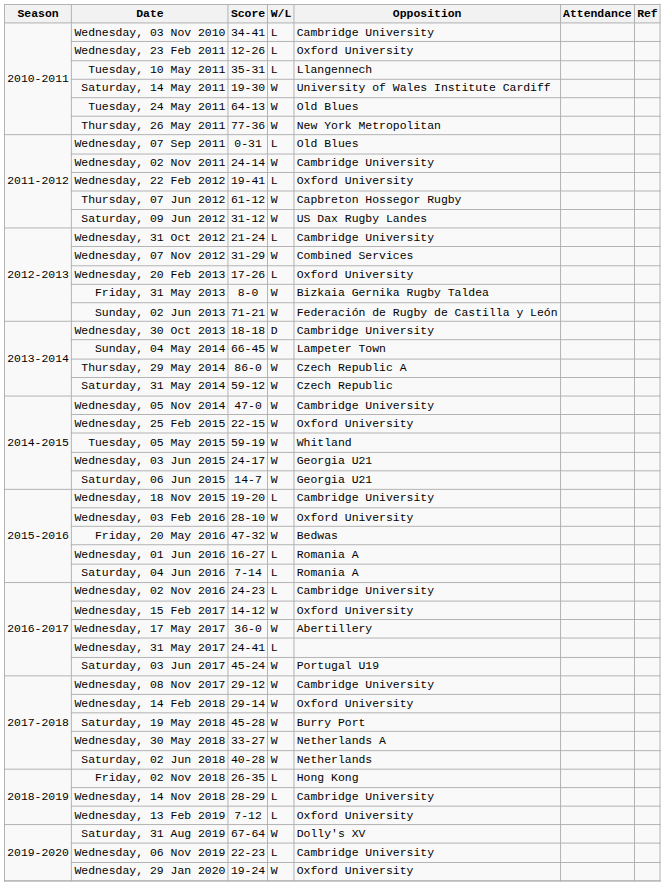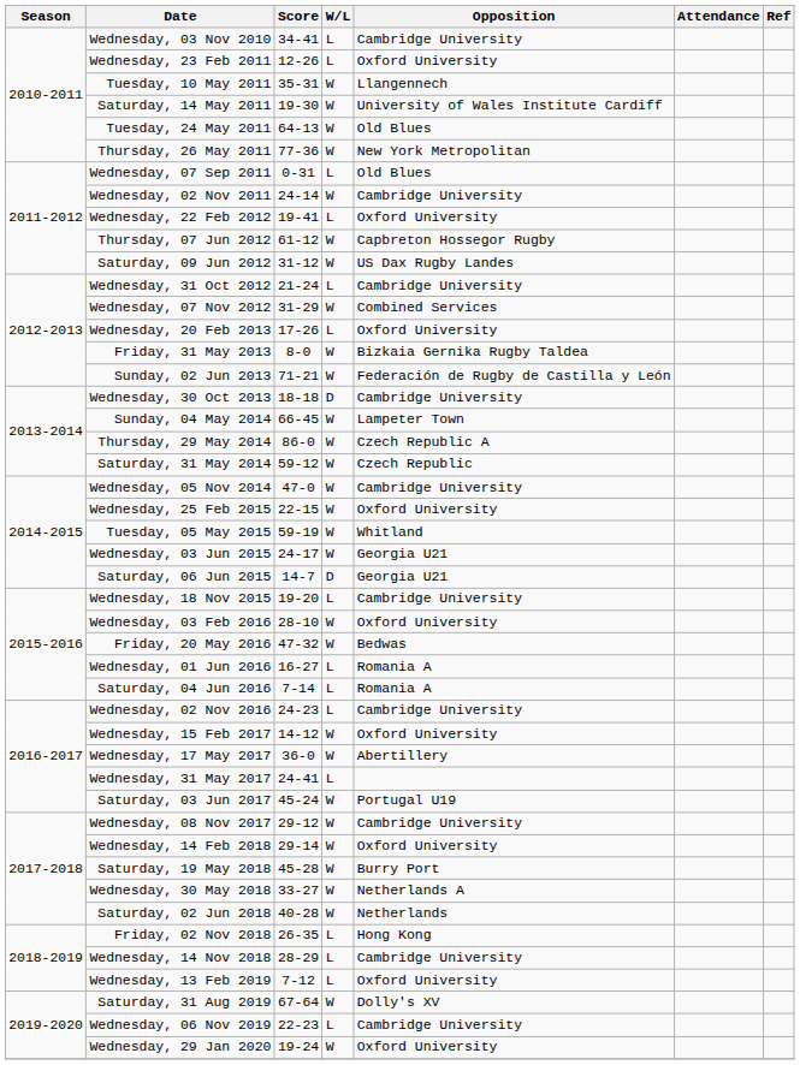 <table class="wikitable">
 <tr>
 <th>Season</th>
 <th>Date</th>
 <th>Score</th>
 <th>W/L</th>
 <th>Opposition</th>
 <th>Attendance</th>
 <th>Ref</th>
 </tr>
 <tr>
 <td rowspan=6>2010-2011</td>
 <td style="text-align:right;">Wednesday, 03 Nov 2010</td>
 <td style="text-align:center;">34-41</td>
 <td style="text-align:left;">L</td>
 <td>Cambridge University</td>
 <td></td>
 </tr>
 <tr>
 <td style="text-align:right;">Wednesday, 23 Feb 2011</td>
 <td style="text-align:center;">12-26</td>
 <td style="text-align:left;">L</td>
 <td>Oxford University</td>
 <td></td>
 <td></td>
 </tr>
 <tr>
 <td style="text-align:right;">Tuesday, 10 May 2011</td>
 <td style="text-align:center;">35-31</td>
-<td style="text-align:left;">L</td>
+<td style="text-align:left;">W</td>
 <td>Llangennech</td>
 <td></td>
 <td></td>
 </tr>
 <tr>
 <td style="text-align:right;">Saturday, 14 May 2011</td>
 <td style="text-align:center;">19-30</td>
 <td style="text-align:left;">W</td>
 <td>University of Wales Institute Cardiff</td>
 <td></td>
 <td></td>
 </tr>
 <tr>
 <td style="text-align:right;">Tuesday, 24 May 2011</td>
 <td style="text-align:center;">64-13</td>
 <td style="text-align:left;">W</td>
 <td>Old Blues</td>
 <td></td>
 <td></td>
 </tr>
 <tr>
 <td style="text-align:right;">Thursday, 26 May 2011</td>
 <td style="text-align:center;">77-36</td>
 <td style="text-align:left;">W</td>
 <td>New York Metropolitan</td>
 <td></td>
 <td></td>
 </tr>
 <tr>
 <td rowspan=5>2011-2012</td>
 <td style="text-align:right;">Wednesday, 07 Sep 2011</td>
 <td style="text-align:center;">0-31</td>
 <td style="text-align:left;">L</td>
 <td>Old Blues</td>
 <td></td>
 </tr>
 <tr>
 <td style="text-align:right;">Wednesday, 02 Nov 2011</td>
 <td style="text-align:center;">24-14</td>
 <td style="text-align:left;">W</td>
 <td>Cambridge University</td>
 <td></td>
 <td></td>
 </tr>
 <tr>
 <td style="text-align:right;">Wednesday, 22 Feb 2012</td>
 <td style="text-align:center;">19-41</td>
 <td style="text-align:left;">L</td>
 <td>Oxford University</td>
 <td></td>
 <td></td>
 </tr>
 <tr>
 <td style="text-align:right;">Thursday, 07 Jun 2012</td>
 <td style="text-align:center;">61-12</td>
 <td style="text-align:left;">W</td>
 <td>Capbreton Hossegor Rugby</td>
 <td></td>
 <td></td>
 </tr>
 <tr>
 <td style="text-align:right;">Saturday, 09 Jun 2012</td>
 <td style="text-align:center;">31-12</td>
 <td style="text-align:left;">W</td>
 <td>US Dax Rugby Landes</td>
 <td></td>
 <td></td>
 </tr>
 <tr>
 <td rowspan=5>2012-2013</td>
 <td style="text-align:right;">Wednesday, 31 Oct 2012</td>
 <td style="text-align:center;">21-24</td>
 <td style="text-align:left;">L</td>
 <td>Cambridge University</td>
 <td></td>
 </tr>
 <tr>
 <td style="text-align:right;">Wednesday, 07 Nov 2012</td>
 <td style="text-align:center;">31-29</td>
 <td style="text-align:left;">W</td>
 <td>Combined Services</td>
 <td></td>
 <td></td>
 </tr>
 <tr>
 <td style="text-align:right;">Wednesday, 20 Feb 2013</td>
 <td style="text-align:center;">17-26</td>
 <td style="text-align:left;">L</td>
 <td>Oxford University</td>
 <td></td>
 <td></td>
 </tr>
 <tr>
 <td style="text-align:right;">Friday, 31 May 2013</td>
 <td style="text-align:center;">8-0</td>
 <td style="text-align:left;">W</td>
 <td>Bizkaia Gernika Rugby Taldea</td>
 <td></td>
 <td></td>
 </tr>
 <tr>
 <td style="text-align:right;">Sunday, 02 Jun 2013</td>
 <td style="text-align:center;">71-21</td>
 <td style="text-align:left;">W</td>
 <td>Federación de Rugby de Castilla y León</td>
 <td></td>
 <td></td>
 </tr>
 <tr>
 <td rowspan=4>2013-2014</td>
 <td style="text-align:right;">Wednesday, 30 Oct 2013</td>
 <td style="text-align:center;">18-18</td>
 <td style="text-align:left;">D</td>
 <td>Cambridge University</td>
 <td></td>
 <td></td>
 </tr>
 <tr>
 <td style="text-align:right;">Sunday, 04 May 2014</td>
 <td style="text-align:center;">66-45</td>
 <td style="text-align:left;">W</td>
 <td>Lampeter Town</td>
 <td></td>
 <td></td>
 </tr>
 <tr>
 <td style="text-align:right;">Thursday, 29 May 2014</td>
 <td style="text-align:center;">86-0</td>
 <td style="text-align:left;">W</td>
 <td>Czech Republic A</td>
 <td></td>
 </tr>
 <tr>
 <td style="text-align:right;">Saturday, 31 May 2014</td>
 <td style="text-align:center;">59-12</td>
 <td style="text-align:left;">W</td>
 <td>Czech Republic</td>
 <td></td>
 <td></td>
 </tr>
 <tr>
 <td rowspan=5>2014-2015</td>
 <td style="text-align:right;">Wednesday, 05 Nov 2014</td>
 <td style="text-align:center;">47-0</td>
 <td style="text-align:left;">W</td>
 <td>Cambridge University</td>
 <td></td>
 </tr>
 <tr>
 <td style="text-align:right;">Wednesday, 25 Feb 2015</td>
 <td style="text-align:center;">22-15</td>
 <td style="text-align:left;">W</td>
 <td>Oxford University</td>
 <td></td>
 <td></td>
 </tr>
 <tr>
 <td style="text-align:right;">Tuesday, 05 May 2015</td>
 <td style="text-align:center;">59-19</td>
 <td style="text-align:left;">W</td>
 <td>Whitland</td>
 <td></td>
 <td></td>
 </tr>
 <tr>
 <td style="text-align:right;">Wednesday, 03 Jun 2015</td>
 <td style="text-align:center;">24-17</td>
 <td style="text-align:left;">W</td>
 <td>Georgia U21</td>
 <td></td>
 <td></td>
 </tr>
 <tr>
 <td style="text-align:right;">Saturday, 06 Jun 2015</td>
 <td style="text-align:center;">14-7</td>
-<td style="text-align:left;">W</td>
+<td style="text-align:left;">D</td>
 <td>Georgia U21</td>
 <td></td>
 <td></td>
 </tr>
 <tr>
 <td rowspan=5>2015-2016</td>
 <td style="text-align:right;">Wednesday, 18 Nov 2015</td>
 <td style="text-align:center;">19-20</td>
 <td style="text-align:left;">L</td>
 <td>Cambridge University</td>
 <td></td>
 </tr>
 <tr>
 <td style="text-align:right;">Wednesday, 03 Feb 2016</td>
 <td style="text-align:center;">28-10</td>
 <td style="text-align:left;">W</td>
 <td>Oxford University</td>
 <td></td>
 <td></td>
 </tr>
 <tr>
 <td style="text-align:right;">Friday, 20 May 2016</td>
 <td style="text-align:center;">47-32</td>
 <td style="text-align:left;">W</td>
 <td>Bedwas</td>
 <td></td>
 <td></td>
 </tr>
 <tr>
 <td style="text-align:right;">Wednesday, 01 Jun 2016</td>
 <td style="text-align:center;">16-27</td>
 <td style="text-align:left;">L</td>
 <td>Romania A</td>
 <td></td>
 <td></td>
 </tr>
 <tr>
 <td style="text-align:right;">Saturday, 04 Jun 2016</td>
 <td style="text-align:center;">7-14</td>
 <td style="text-align:left;">L</td>
 <td>Romania A</td>
 <td></td>
 <td></td>
 </tr>
 <tr>
 <td rowspan=5>2016-2017</td>
 <td style="text-align:right;">Wednesday, 02 Nov 2016</td>
 <td style="text-align:center;">24-23</td>
 <td style="text-align:left;">L</td>
 <td>Cambridge University</td>
 <td></td>
 </tr>
 <tr>
 <td style="text-align:right;">Wednesday, 15 Feb 2017</td>
 <td style="text-align:center;">14-12</td>
 <td style="text-align:left;">W</td>
 <td>Oxford University</td>
 <td></td>
 <td></td>
 </tr>
 <tr>
 <td style="text-align:right;">Wednesday, 17 May 2017</td>
 <td style="text-align:center;">36-0</td>
 <td style="text-align:left;">W</td>
 <td>Abertillery</td>
 <td></td>
 <td></td>
 </tr>
 <tr>
 <td style="text-align:right;">Wednesday, 31 May 2017</td>
 <td style="text-align:center;">24-41</td>
 <td style="text-align:left;">L</td>
 <td></td>
 <td></td>
 <td></td>
 </tr>
 <tr>
 <td style="text-align:right;">Saturday, 03 Jun 2017</td>
 <td style="text-align:center;">45-24</td>
 <td style="text-align:left;">W</td>
 <td>Portugal U19</td>
 <td></td>
 <td></td>
 </tr>
 <tr>
 <td rowspan=5>2017-2018</td>
 <td style="text-align:right;">Wednesday, 08 Nov 2017</td>
 <td style="text-align:center;">29-12</td>
 <td style="text-align:left;">W</td>
 <td>Cambridge University</td>
 <td></td>
 </tr>
 <tr>
 <td style="text-align:right;">Wednesday, 14 Feb 2018</td>
 <td style="text-align:center;">29-14</td>
 <td style="text-align:left;">W</td>
 <td>Oxford University</td>
 <td></td>
 <td></td>
 </tr>
 <tr>
 <td style="text-align:right;">Saturday, 19 May 2018</td>
 <td style="text-align:center;">45-28</td>
 <td style="text-align:left;">W</td>
 <td>Burry Port</td>
 <td></td>
 <td></td>
 </tr>
 <tr>
 <td style="text-align:right;">Wednesday, 30 May 2018</td>
 <td style="text-align:center;">33-27</td>
 <td style="text-align:left;">W</td>
 <td>Netherlands A</td>
 <td></td>
 <td></td>
 </tr>
 <tr>
 <td style="text-align:right;">Saturday, 02 Jun 2018</td>
 <td style="text-align:center;">40-28</td>
 <td style="text-align:left;">W</td>
 <td>Netherlands</td>
 <td></td>
 <td></td>
 </tr>
 <tr>
 <td rowspan=3>2018-2019</td>
 <td style="text-align:right;">Friday, 02 Nov 2018</td>
 <td style="text-align:center;">26-35</td>
 <td style="text-align:left;">L</td>
 <td>Hong Kong</td>
 <td></td>
 </tr>
 <tr>
 <td style="text-align:right;">Wednesday, 14 Nov 2018</td>
 <td style="text-align:center;">28-29</td>
 <td style="text-align:left;">L</td>
 <td>Cambridge University</td>
 <td></td>
 <td></td>
 </tr>
 <tr>
 <td style="text-align:right;">Wednesday, 13 Feb 2019</td>
 <td style="text-align:center;">7-12</td>
 <td style="text-align:left;">L</td>
 <td>Oxford University</td>
 <td></td>
 <td></td>
 </tr>
 <tr>
 <td rowspan=3>2019-2020</td>
 <td style="text-align:right;">Saturday, 31 Aug 2019</td>
 <td style="text-align:center;">67-64</td>
 <td style="text-align:left;">W</td>
 <td>Dolly's XV</td>
 <td></td>
 </tr>
 <tr>
 <td style="text-align:right;">Wednesday, 06 Nov 2019</td>
 <td style="text-align:center;">22-23</td>
 <td style="text-align:left;">L</td>
 <td>Cambridge University</td>
 <td></td>
 <td></td>
 </tr>
 <tr>
 <td style="text-align:right;">Wednesday, 29 Jan 2020</td>
 <td style="text-align:center;">19-24</td>
 <td style="text-align:left;">W</td>
 <td>Oxford University</td>
 <td></td>
 <td></td>
 </tr>
 <tr>
 </tr>
 </table>
